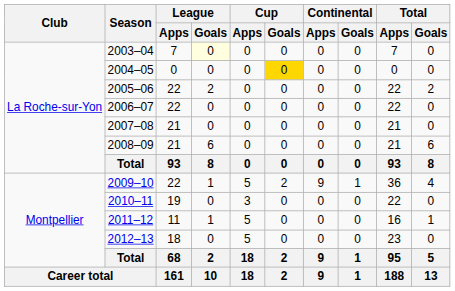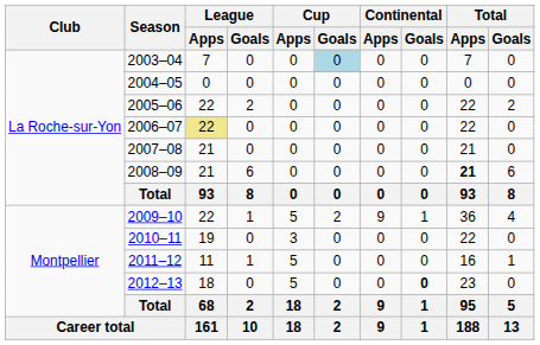 <table class="wikitable" style="text-align: center;">
 <tr>
 <th rowspan="2">Club</th>
 <th rowspan="2">Season</th>
 <th colspan="2">League</th>
 <th colspan="2">Cup</th>
 <th colspan="2">Continental</th>
 <th colspan="2">Total</th>
 </tr>
 <tr>
 <th>Apps</th>
 <th>Goals</th>
 <th>Apps</th>
 <th>Goals</th>
 <th>Apps</th>
 <th>Goals</th>
 <th>Apps</th>
 <th>Goals</th>
 </tr>
 <tr>
 <td rowspan="7" valign="center"><a href='#'>La Roche-sur-Yon</a></td>
 <td>2003–04</td>
 <td>7</td>
-<td style="background: lightyellow;">0</td>
 <td>0</td>
 <td>0</td>
+<td style="background: lightblue;">0</td>
 <td>0</td>
 <td>0</td>
 <td>7</td>
 <td>0</td>
 </tr>
 <tr>
 <td>2004–05</td>
 <td>0</td>
 <td>0</td>
 <td>0</td>
-<td style="background: gold;">0</td>
+<td>0</td>
 <td>0</td>
 <td>0</td>
 <td>0</td>
 <td>0</td>
 </tr>
 <tr>
 <td>2005–06</td>
 <td>22</td>
 <td>2</td>
 <td>0</td>
 <td>0</td>
 <td>0</td>
 <td>0</td>
 <td>22</td>
 <td>2</td>
 </tr>
 <tr>
 <td>2006–07</td>
-<td>22</td>
+<td style="background: khaki;">22</td>
 <td>0</td>
 <td>0</td>
 <td>0</td>
 <td>0</td>
 <td>0</td>
 <td>22</td>
 <td>0</td>
 </tr>
 <tr>
 <td>2007–08</td>
 <td>21</td>
 <td>0</td>
 <td>0</td>
 <td>0</td>
 <td>0</td>
 <td>0</td>
 <td>21</td>
 <td>0</td>
 </tr>
 <tr>
 <td>2008–09</td>
 <td>21</td>
 <td>6</td>
 <td>0</td>
 <td>0</td>
 <td>0</td>
 <td>0</td>
-<td>21</td>
+<td><strong>21</strong></td>
 <td>6</td>
 </tr>
 <tr>
 <th>Total</th>
 <th>93</th>
 <th>8</th>
 <th>0</th>
 <th>0</th>
 <th>0</th>
 <th>0</th>
 <th>93</th>
 <th>8</th>
 </tr>
 <tr>
 <td rowspan="5" valign="center"><a href='#'>Montpellier</a></td>
 <td><a href='#'>2009–10</a></td>
 <td>22</td>
 <td>1</td>
 <td>5</td>
 <td>2</td>
 <td>9</td>
 <td>1</td>
 <td>36</td>
 <td>4</td>
 </tr>
 <tr>
 <td><a href='#'>2010–11</a></td>
 <td>19</td>
 <td>0</td>
 <td>3</td>
 <td>0</td>
 <td>0</td>
 <td>0</td>
 <td>22</td>
 <td>0</td>
 </tr>
 <tr>
 <td><a href='#'>2011–12</a></td>
 <td>11</td>
 <td>1</td>
 <td>5</td>
 <td>0</td>
 <td>0</td>
 <td>0</td>
 <td>16</td>
 <td>1</td>
 </tr>
 <tr>
 <td><a href='#'>2012–13</a></td>
 <td>18</td>
 <td>0</td>
 <td>5</td>
 <td>0</td>
 <td>0</td>
-<td>0</td>
+<td><strong>0</strong></td>
 <td>23</td>
 <td>0</td>
 </tr>
 <tr>
 <th>Total</th>
 <th>68</th>
 <th>2</th>
 <th>18</th>
 <th>2</th>
 <th>9</th>
 <th>1</th>
 <th>95</th>
 <th>5</th>
 </tr>
 <tr>
 <th colspan="2">Career total</th>
 <th>161</th>
 <th>10</th>
 <th>18</th>
 <th>2</th>
 <th>9</th>
 <th>1</th>
 <th>188</th>
 <th>13</th>
 </tr>
 </table>
